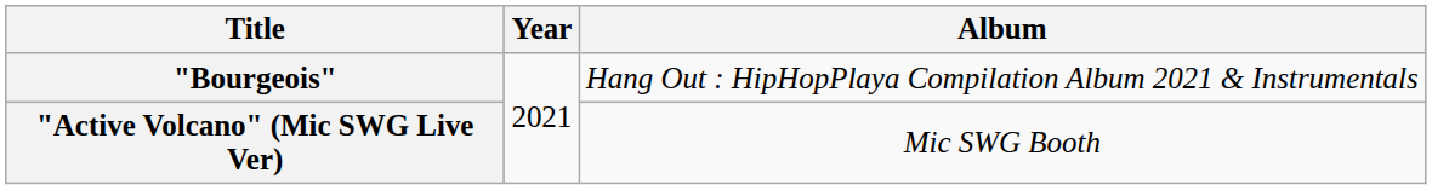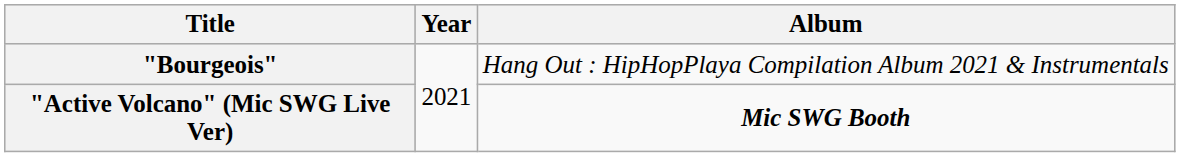 <table class="wikitable plainrowheaders" style="text-align:center;" border="1">
 <tr>
 <th scope="col" style="width:16em;">Title</th>
 <th scope="col">Year</th>
 <th scope="col">Album</th>
 </tr>
 <tr>
 <th scope="row">"Bourgeois"<br></th>
 <td rowspan="2">2021</td>
 <td><em>Hang Out : HipHopPlaya Compilation Album 2021 & Instrumentals</em></td>
 </tr>
 <tr>
 <th scope="row">"Active Volcano" (Mic SWG Live Ver) <br></th>
-<td><em>Mic SWG Booth</em></td>
+<td><strong><em>Mic SWG Booth</em></strong></td>
 </tr>
 </table>
